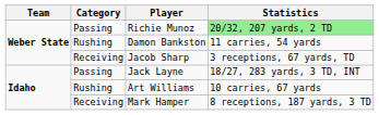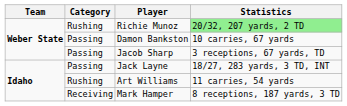 <table class="wikitable" style="float: right;">
 <tr>
 <th>Team</th>
 <th>Category</th>
 <th>Player</th>
 <th>Statistics</th>
 </tr>
 <tr>
 <td rowspan=3><strong>Weber State</strong></td>
-<td>Passing</td>
+<td>Rushing</td>
 <td>Richie Munoz</td>
 <td style="background: lightgreen;">20/32, 207 yards, 2 TD</td>
 </tr>
 <tr>
-<td>Rushing</td>
+<td>Passing</td>
 <td>Damon Bankston</td>
-<td>11 carries, 54 yards</td>
+<td>10 carries, 67 yards</td>
 </tr>
 <tr>
-<td>Receiving</td>
+<td>Passing</td>
 <td>Jacob Sharp</td>
 <td>3 receptions, 67 yards, TD</td>
 </tr>
 <tr>
 <td rowspan=3><strong>Idaho</strong></td>
 <td>Passing</td>
 <td>Jack Layne</td>
 <td>18/27, 283 yards, 3 TD, INT</td>
 </tr>
 <tr>
 <td>Rushing</td>
 <td>Art Williams</td>
-<td>10 carries, 67 yards</td>
+<td>11 carries, 54 yards</td>
 </tr>
 <tr>
 <td>Receiving</td>
 <td>Mark Hamper</td>
 <td>8 receptions, 187 yards, 3 TD</td>
 </tr>
 </table>
